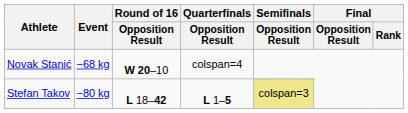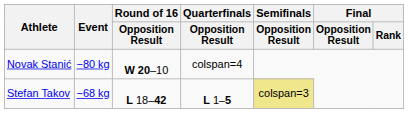 <table class="wikitable" style="font-size:90%">
 <tr>
 <th rowspan="2">Athlete</th>
 <th rowspan="2">Event</th>
 <th>Round of 16</th>
 <th>Quarterfinals</th>
 <th>Semifinals</th>
 <th colspan=2>Final</th>
 </tr>
 <tr style="font-size:95%">
 <th>Opposition<br>Result</th>
 <th>Opposition<br>Result</th>
 <th>Opposition<br>Result</th>
 <th>Opposition<br>Result</th>
 <th>Rank</th>
 </tr>
 <tr align=center>
 <td align=left><a href='#'>Novak Stanić</a></td>
-<td align=left><a href='#'>−68 kg</a></td>
+<td align=left><a href='#'>−80 kg</a></td>
 <td><br><strong>W</strong> <strong>20</strong>–10</td>
 <td>colspan=4 </td>
 </tr>
 <tr align=center>
 <td align=left><a href='#'>Stefan Takov</a></td>
-<td align=left><a href='#'>−80 kg</a></td>
+<td align=left><a href='#'>−68 kg</a></td>
 <td><br><strong>L</strong> 18–<strong>42</strong></td>
 <td><br><strong>L</strong> 1–<strong>5</strong></td>
 <td style="background: khaki;">colspan=3 </td>
 </tr>
 </table>
